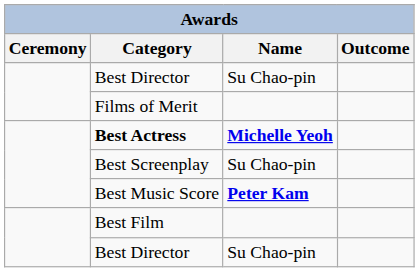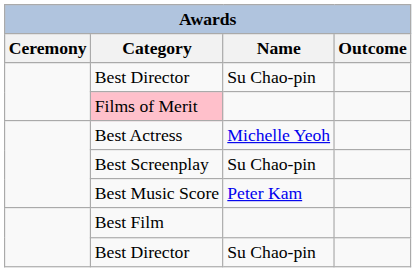 <table class="wikitable" style="font-size:95%">
 <tr style="background:#ccc; text-align:center;">
 <th colspan=5 style="background: LightSteelBlue;">Awards</th>
 </tr>
 <tr style="background:#ccc; text-align:center;">
 <th>Ceremony</th>
 <th>Category</th>
 <th>Name</th>
 <th>Outcome</th>
 </tr>
 <tr>
 <td rowspan=2></td>
 <td>Best Director</td>
 <td>Su Chao-pin</td>
 <td></td>
 </tr>
 <tr>
-<td>Films of Merit</td>
+<td style="background: pink;">Films of Merit</td>
 <td></td>
 <td></td>
 </tr>
 <tr>
 <td rowspan=3></td>
-<td><strong>Best Actress</strong></td>
-<td><strong><a href='#'>Michelle Yeoh</a></strong></td>
+<td>Best Actress</td>
+<td><a href='#'>Michelle Yeoh</a></td>
 <td></td>
 </tr>
 <tr>
 <td>Best Screenplay</td>
 <td>Su Chao-pin</td>
 <td></td>
 </tr>
 <tr>
 <td>Best Music Score</td>
-<td><strong><a href='#'>Peter Kam</a></strong></td>
+<td><a href='#'>Peter Kam</a></td>
 <td></td>
 </tr>
 <tr>
 <td rowspan=2></td>
 <td>Best Film</td>
 <td></td>
 <td></td>
 </tr>
 <tr>
 <td>Best Director</td>
 <td>Su Chao-pin</td>
 <td></td>
 </tr>
 </table>
